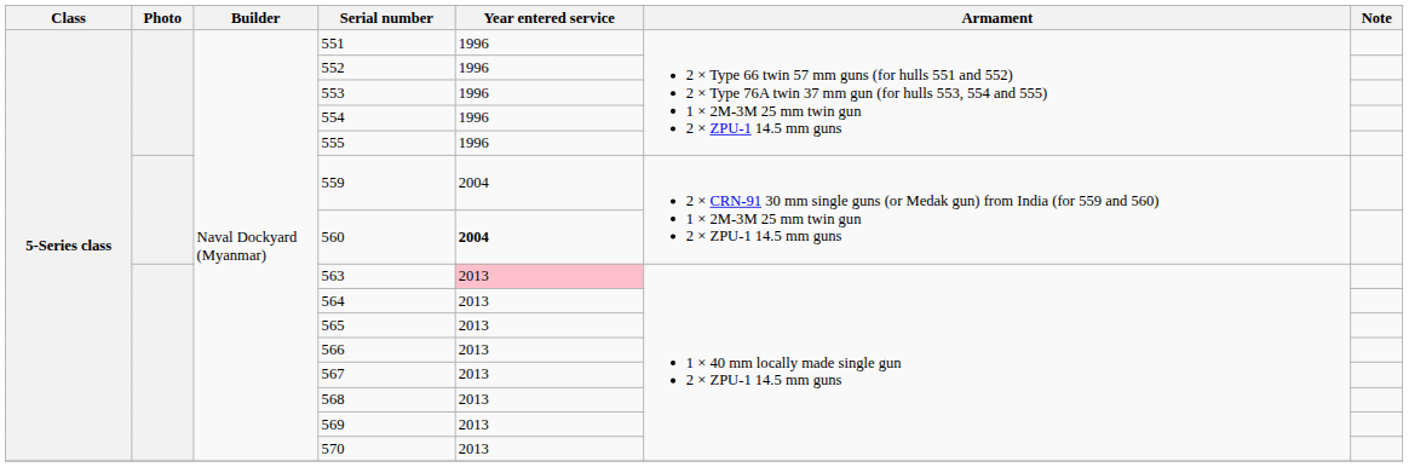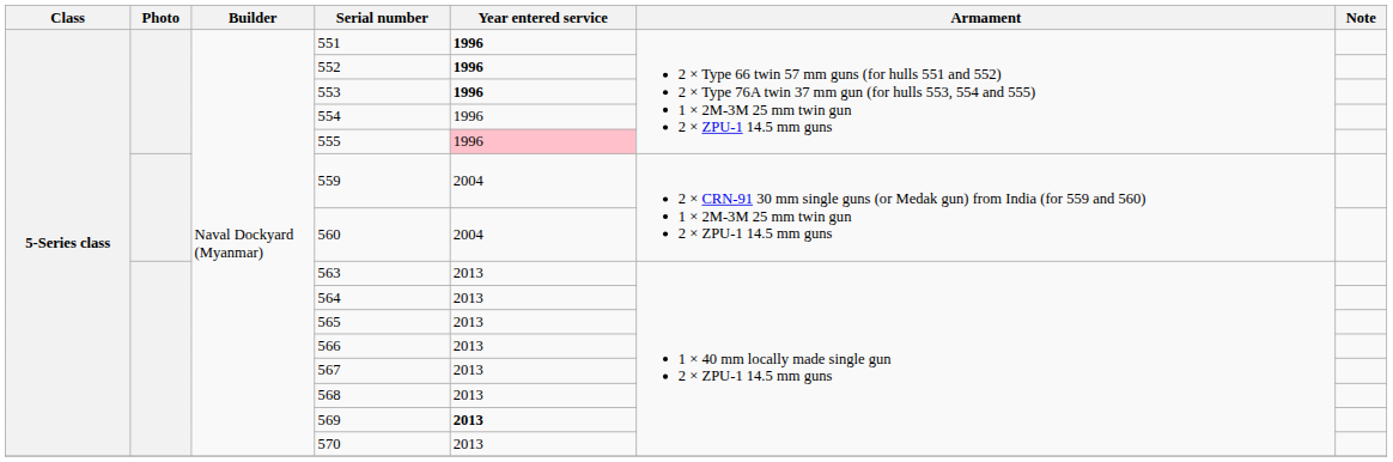 <table class="wikitable" style="font-size:97%; width:90%">
 <tr>
 <th>Class</th>
 <th>Photo</th>
 <th width="120">Builder</th>
 <th>Serial number</th>
 <th>Year entered service</th>
 <th>Armament</th>
 <th>Note</th>
 </tr>
 <tr>
 <th rowspan="15">5-Series class</th>
 <th rowspan="5"></th>
 <td rowspan="15">Naval Dockyard (Myanmar) </td>
 <td>551</td>
-<td>1996</td>
+<td><strong>1996</strong></td>
 <td rowspan="5"><br><ul><li>2 × Type 66 twin 57 mm guns (for hulls 551 and 552)</li><li>2 × Type 76A twin 37 mm gun (for hulls 553, 554 and 555)</li><li>1 × 2M-3M 25 mm twin gun</li><li>2 × <a href='#'>ZPU-1</a> 14.5 mm guns</li></ul></td>
 <td></td>
 </tr>
 <tr>
 <td>552</td>
-<td>1996</td>
+<td><strong>1996</strong></td>
 <td></td>
 </tr>
 <tr>
 <td>553</td>
-<td>1996</td>
+<td><strong>1996</strong></td>
 <td></td>
 </tr>
 <tr>
 <td>554</td>
 <td>1996</td>
 <td></td>
 </tr>
 <tr>
 <td>555</td>
-<td>1996</td>
+<td style="background: pink;">1996</td>
 <td></td>
 </tr>
 <tr>
 <th rowspan="2"></th>
 <td>559</td>
 <td>2004</td>
 <td rowspan="2"><br><ul><li>2 × <a href='#'>CRN-91</a> 30 mm single guns (or Medak gun) from India (for 559 and 560)</li><li>1 × 2M-3M 25 mm twin gun</li><li>2 × ZPU-1 14.5 mm guns</li></ul></td>
 <td></td>
 </tr>
 <tr>
 <td>560</td>
-<td><strong>2004</strong></td>
+<td>2004</td>
 <td></td>
 </tr>
 <tr>
 <th rowspan="8"></th>
 <td>563</td>
-<td style="background: pink;">2013</td>
+<td>2013</td>
 <td rowspan="8"><br><ul><li>1 × 40 mm locally made single gun</li><li>2 × ZPU-1 14.5 mm guns</li></ul></td>
 <td></td>
 </tr>
 <tr>
 <td>564</td>
 <td>2013</td>
 <td></td>
 </tr>
 <tr>
 <td>565</td>
 <td>2013</td>
 <td></td>
 </tr>
 <tr>
 <td>566</td>
 <td>2013</td>
 <td></td>
 </tr>
 <tr>
 <td>567</td>
 <td>2013</td>
 <td></td>
 </tr>
 <tr>
 <td>568</td>
 <td>2013</td>
 <td></td>
 </tr>
 <tr>
 <td>569</td>
-<td>2013</td>
+<td><strong>2013</strong></td>
 <td></td>
 </tr>
 <tr>
 <td>570</td>
 <td>2013</td>
 <td></td>
 </tr>
 <tr>
 </tr>
 </table>
